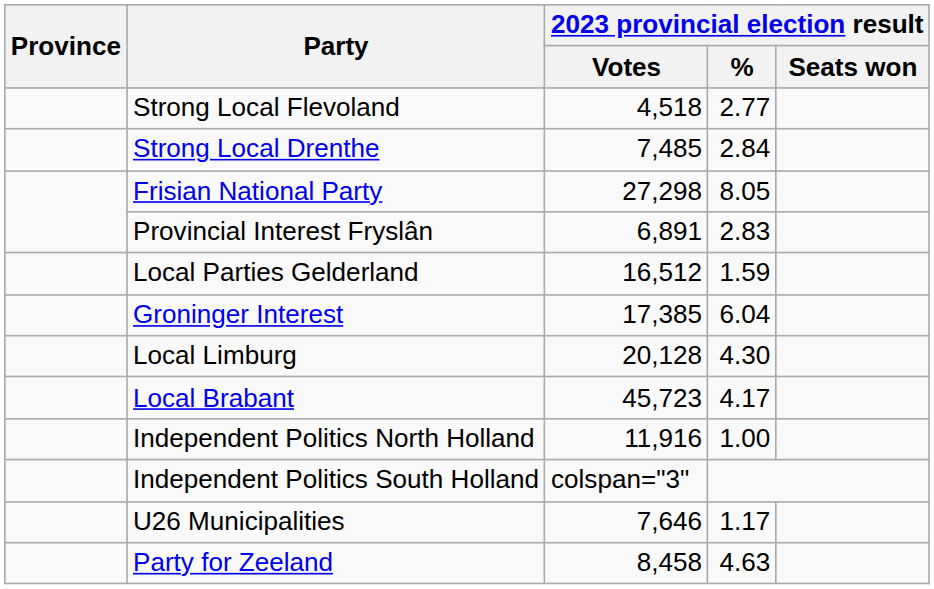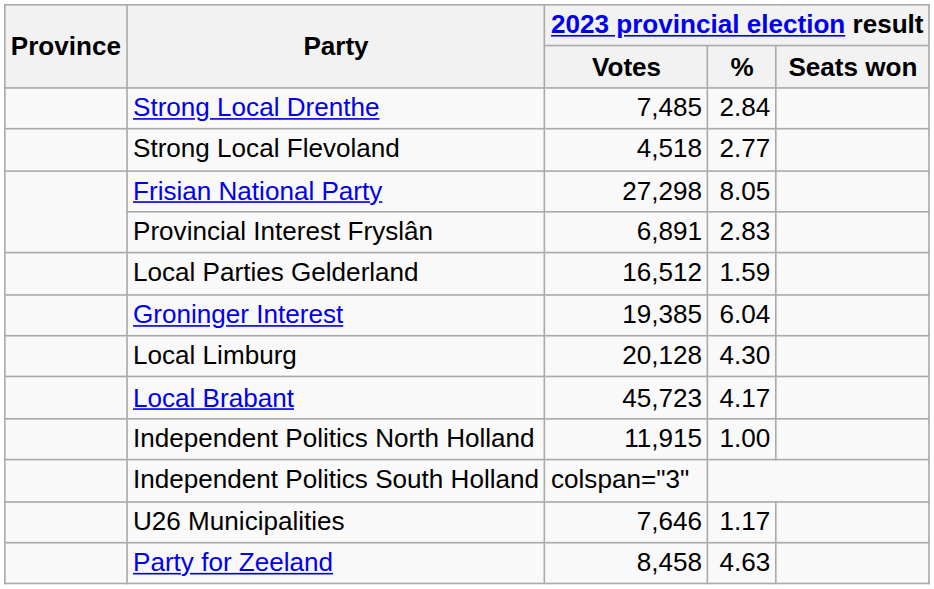 <table class="wikitable sortable">
 <tr>
 <th rowspan="2">Province</th>
 <th rowspan="2">Party</th>
 <th colspan="3"><a href='#'>2023 provincial election</a> result</th>
 </tr>
 <tr>
 <th>Votes</th>
 <th>%</th>
 <th>Seats won</th>
 </tr>
 <tr>
 <td></td>
-<td>Strong Local Flevoland</td>
-<td style="text-align: right;">4,518</td>
-<td style="text-align: right;">2.77</td>
+<td><a href='#'>Strong Local Drenthe</a></td>
+<td style="text-align: right;">7,485</td>
+<td style="text-align: right;">2.84</td>
 <td style="text-align: right;"></td>
 </tr>
 <tr>
 <td></td>
-<td><a href='#'>Strong Local Drenthe</a></td>
-<td style="text-align: right;">7,485</td>
-<td style="text-align: right;">2.84</td>
+<td>Strong Local Flevoland</td>
+<td style="text-align: right;">4,518</td>
+<td style="text-align: right;">2.77</td>
 <td style="text-align: right;"></td>
 </tr>
 <tr>
 <td rowspan="2"></td>
 <td><a href='#'>Frisian National Party</a></td>
 <td style="text-align: right;">27,298</td>
 <td style="text-align: right;">8.05</td>
 <td style="text-align: right;"></td>
 </tr>
 <tr>
 <td>Provincial Interest Fryslân</td>
 <td style="text-align: right;">6,891</td>
 <td style="text-align: right;">2.83</td>
 <td style="text-align: right;"></td>
 </tr>
 <tr>
 <td></td>
 <td>Local Parties Gelderland</td>
 <td style="text-align: right;">16,512</td>
 <td style="text-align: right;">1.59</td>
 <td style="text-align: right;"></td>
 </tr>
 <tr>
 <td></td>
 <td><a href='#'>Groninger Interest</a></td>
-<td style="text-align: right;">17,385</td>
+<td style="text-align: right;">19,385</td>
 <td style="text-align: right;">6.04</td>
 <td style="text-align: right;"></td>
 </tr>
 <tr>
 <td></td>
 <td>Local Limburg</td>
 <td style="text-align: right;">20,128</td>
 <td style="text-align: right;">4.30</td>
 <td style="text-align: right;"></td>
 </tr>
 <tr>
 <td></td>
 <td><a href='#'>Local Brabant</a></td>
 <td style="text-align: right;">45,723</td>
 <td style="text-align: right;">4.17</td>
 <td style="text-align: right;"></td>
 </tr>
 <tr>
 <td></td>
 <td>Independent Politics North Holland</td>
-<td style="text-align: right;">11,916</td>
+<td style="text-align: right;">11,915</td>
 <td style="text-align: right;">1.00</td>
 <td style="text-align: right;"></td>
 </tr>
 <tr>
 <td></td>
 <td>Independent Politics South Holland</td>
 <td>colspan="3" </td>
 </tr>
 <tr>
 <td></td>
 <td>U26 Municipalities</td>
 <td style="text-align: right;">7,646</td>
 <td style="text-align: right;">1.17</td>
 <td style="text-align: right;"></td>
 </tr>
 <tr>
 <td></td>
 <td><a href='#'>Party for Zeeland</a></td>
 <td style="text-align: right;">8,458</td>
 <td style="text-align: right;">4.63</td>
 <td style="text-align: right;"></td>
 </tr>
 </table>
